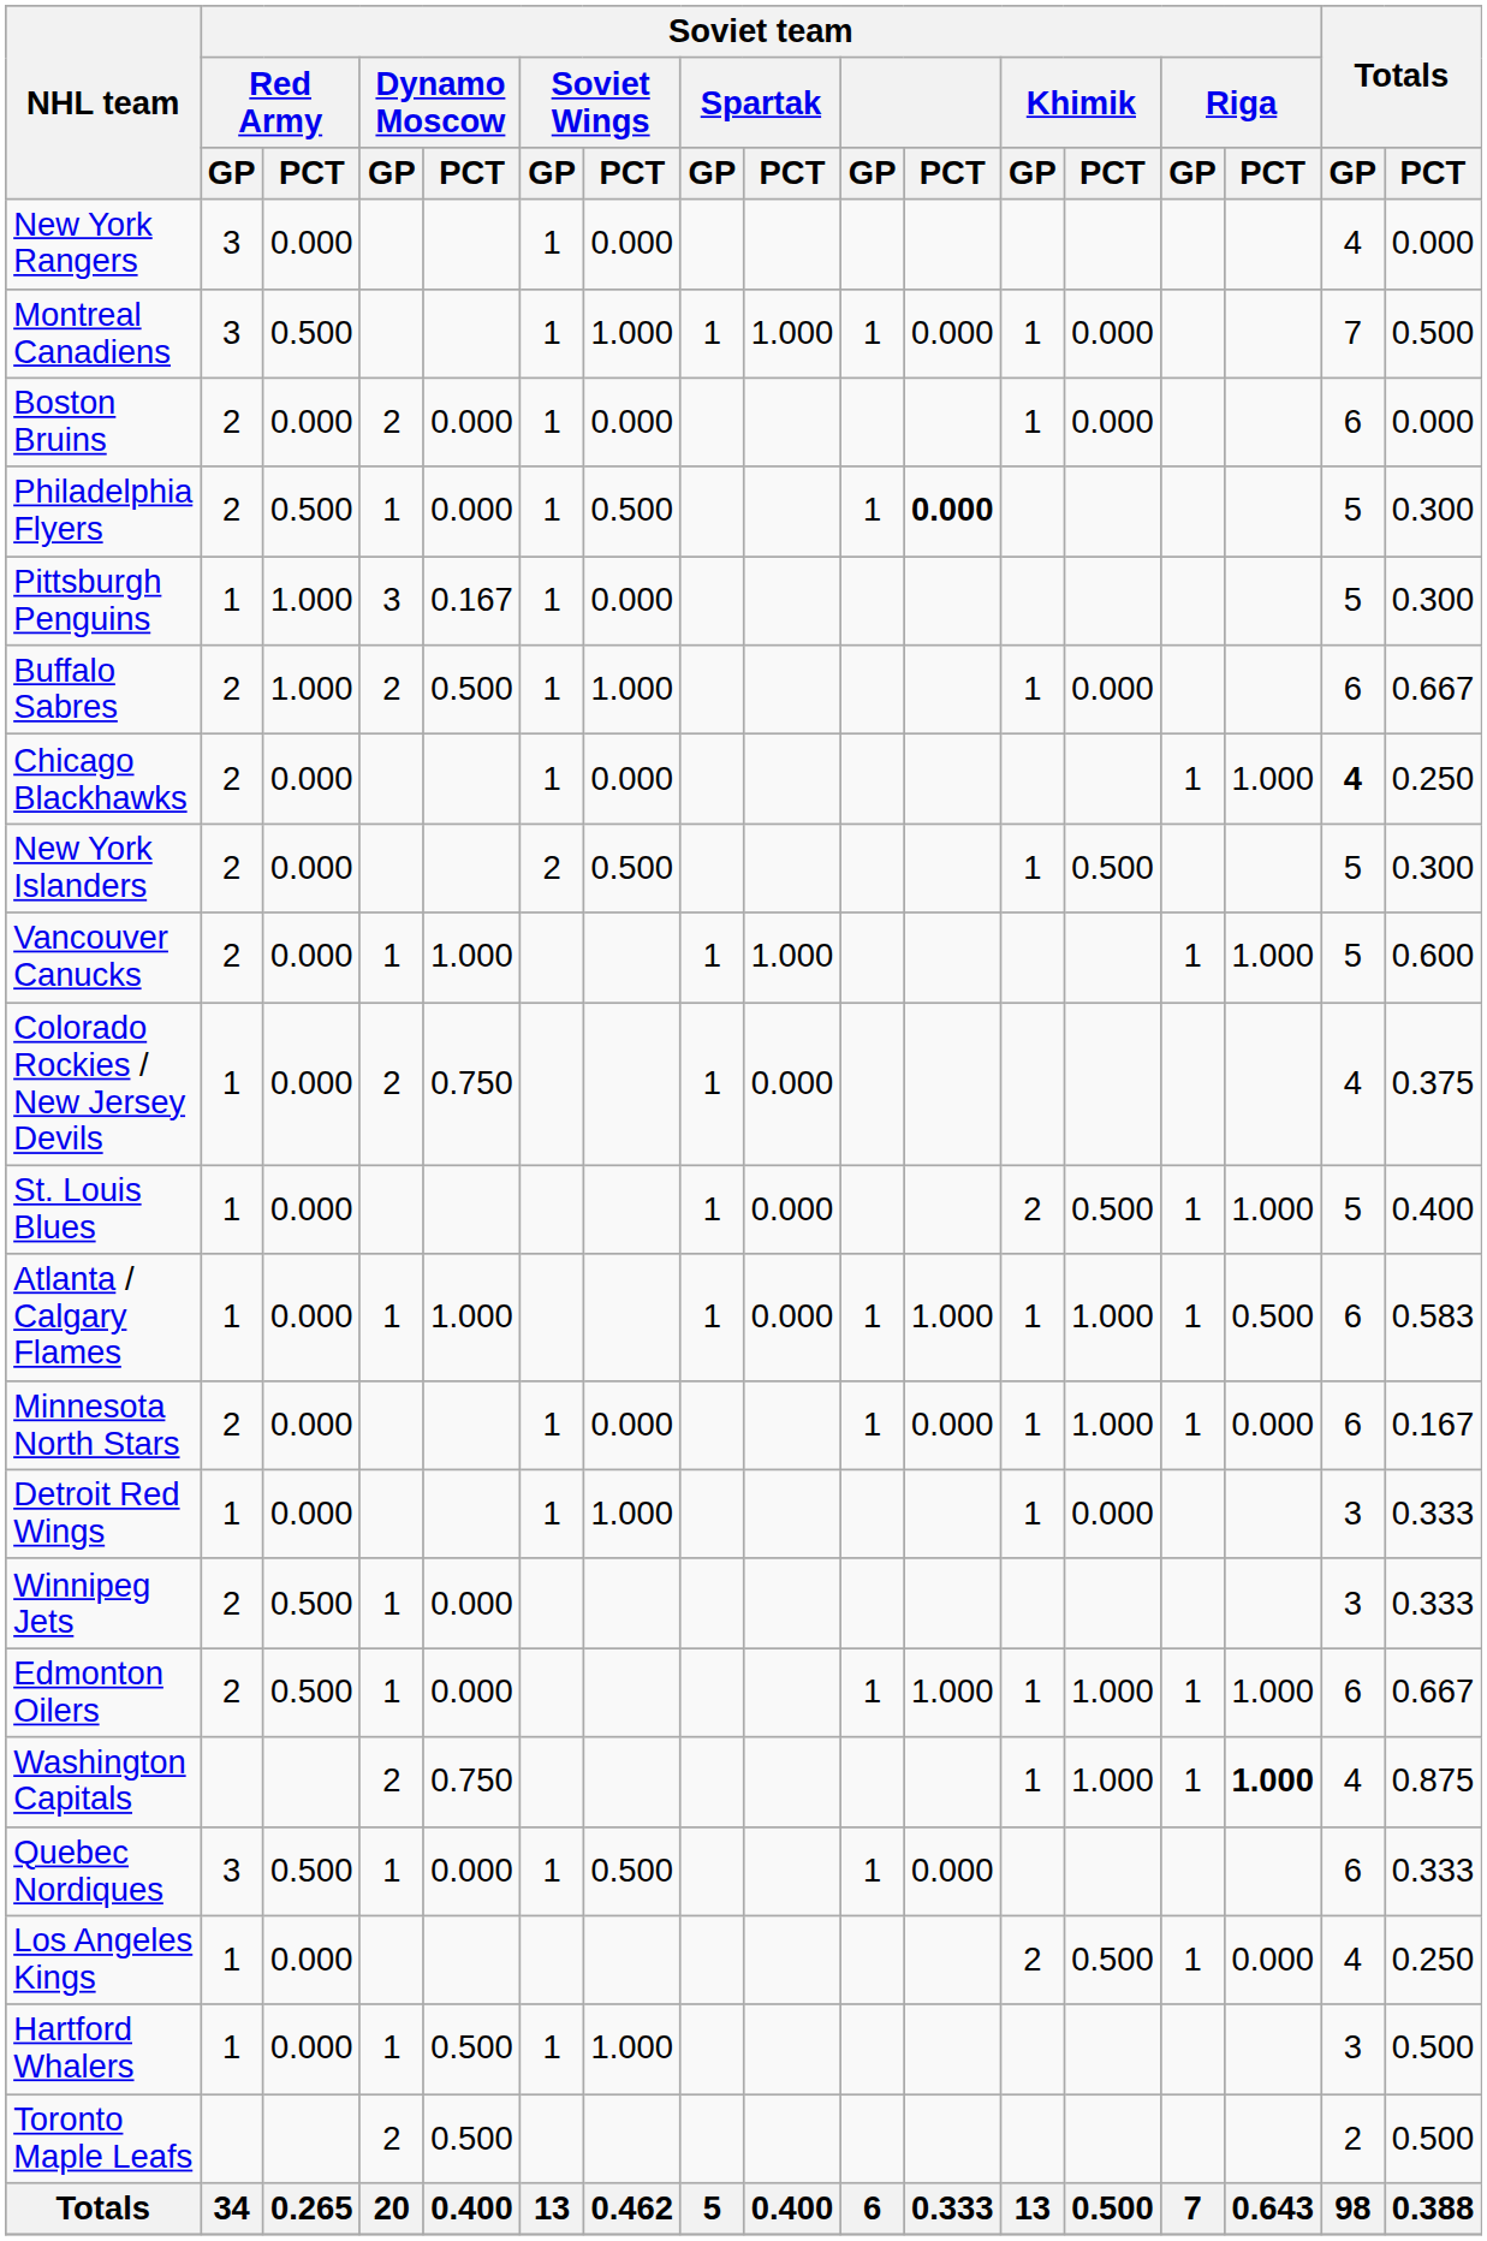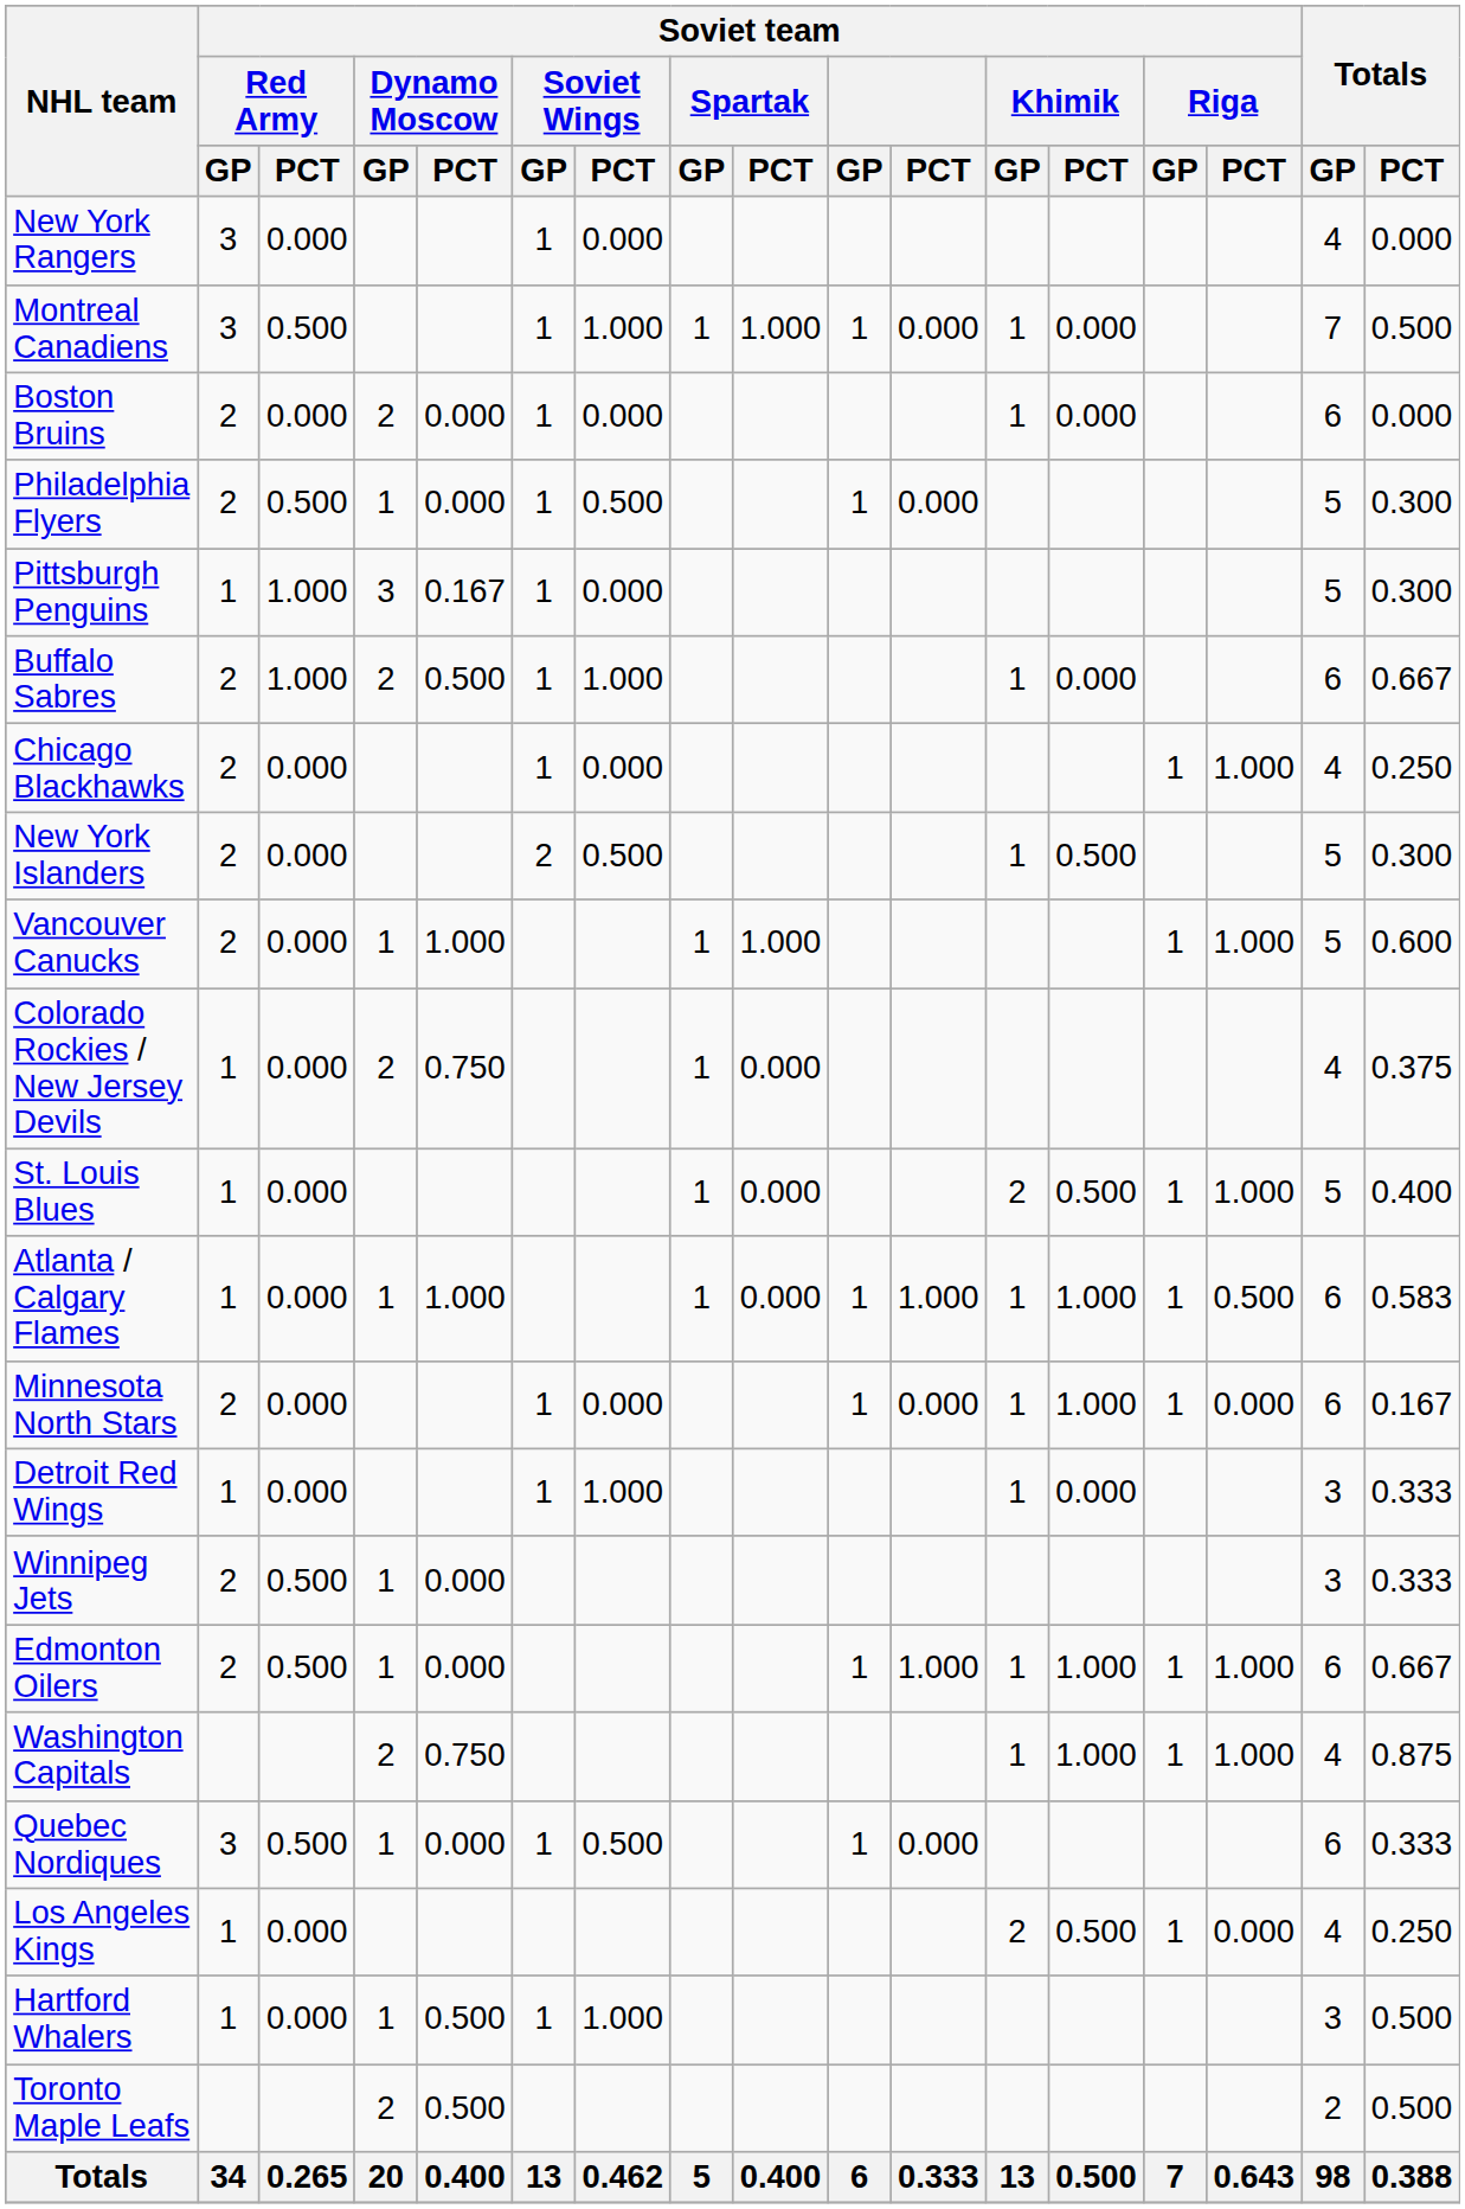 <table class="wikitable">
 <tr>
 <th rowspan=3>NHL team</th>
 <th colspan=14>Soviet team</th>
 <th rowspan=2 colspan=2>Totals</th>
 </tr>
 <tr>
 <th colspan=2><a href='#'>Red Army</a></th>
 <th colspan=2><a href='#'>Dynamo Moscow</a></th>
 <th colspan=2><a href='#'>Soviet Wings</a></th>
 <th colspan=2><a href='#'>Spartak</a></th>
 <th colspan=2></th>
 <th colspan=2><a href='#'>Khimik</a></th>
 <th colspan=2><a href='#'>Riga</a></th>
 </tr>
 <tr>
 <th>GP</th>
 <th>PCT</th>
 <th>GP</th>
 <th>PCT</th>
 <th>GP</th>
 <th>PCT</th>
 <th>GP</th>
 <th>PCT</th>
 <th>GP</th>
 <th>PCT</th>
 <th>GP</th>
 <th>PCT</th>
 <th>GP</th>
 <th>PCT</th>
 <th>GP</th>
 <th>PCT</th>
 </tr>
 <tr style="text-align:center;">
 <td align=left><a href='#'>New York Rangers</a></td>
 <td>3</td>
 <td>0.000</td>
 <td></td>
 <td></td>
 <td>1</td>
 <td>0.000</td>
 <td></td>
 <td></td>
 <td></td>
 <td></td>
 <td></td>
 <td></td>
 <td></td>
 <td></td>
 <td>4</td>
 <td>0.000</td>
 </tr>
 <tr style="text-align:center;">
 <td align=left><a href='#'>Montreal Canadiens</a></td>
 <td>3</td>
 <td>0.500</td>
 <td></td>
 <td></td>
 <td>1</td>
 <td>1.000</td>
 <td>1</td>
 <td>1.000</td>
 <td>1</td>
 <td>0.000</td>
 <td>1</td>
 <td>0.000</td>
 <td></td>
 <td></td>
 <td>7</td>
 <td>0.500</td>
 </tr>
 <tr style="text-align:center;">
 <td align=left><a href='#'>Boston Bruins</a></td>
 <td>2</td>
 <td>0.000</td>
 <td>2</td>
 <td>0.000</td>
 <td>1</td>
 <td>0.000</td>
 <td></td>
 <td></td>
 <td></td>
 <td></td>
 <td>1</td>
 <td>0.000</td>
 <td></td>
 <td></td>
 <td>6</td>
 <td>0.000</td>
 </tr>
 <tr style="text-align:center;">
 <td align=left><a href='#'>Philadelphia Flyers</a></td>
 <td>2</td>
 <td>0.500</td>
 <td>1</td>
 <td>0.000</td>
 <td>1</td>
 <td>0.500</td>
 <td></td>
 <td></td>
 <td>1</td>
-<td><strong>0.000</strong></td>
+<td>0.000</td>
 <td></td>
 <td></td>
 <td></td>
 <td></td>
 <td>5</td>
 <td>0.300</td>
 </tr>
 <tr style="text-align:center;">
 <td align=left><a href='#'>Pittsburgh Penguins</a></td>
 <td>1</td>
 <td>1.000</td>
 <td>3</td>
 <td>0.167</td>
 <td>1</td>
 <td>0.000</td>
 <td></td>
 <td></td>
 <td></td>
 <td></td>
 <td></td>
 <td></td>
 <td></td>
 <td></td>
 <td>5</td>
 <td>0.300</td>
 </tr>
 <tr style="text-align:center;">
 <td align=left><a href='#'>Buffalo Sabres</a></td>
 <td>2</td>
 <td>1.000</td>
 <td>2</td>
 <td>0.500</td>
 <td>1</td>
 <td>1.000</td>
 <td></td>
 <td></td>
 <td></td>
 <td></td>
 <td>1</td>
 <td>0.000</td>
 <td></td>
 <td></td>
 <td>6</td>
 <td>0.667</td>
 </tr>
 <tr style="text-align:center;">
 <td align=left><a href='#'>Chicago Blackhawks</a></td>
 <td>2</td>
 <td>0.000</td>
 <td></td>
 <td></td>
 <td>1</td>
 <td>0.000</td>
 <td></td>
 <td></td>
 <td></td>
 <td></td>
 <td></td>
 <td></td>
 <td>1</td>
 <td>1.000</td>
-<td><strong>4</strong></td>
+<td>4</td>
 <td>0.250</td>
 </tr>
 <tr style="text-align:center;">
 <td align=left><a href='#'>New York Islanders</a></td>
 <td>2</td>
 <td>0.000</td>
 <td></td>
 <td></td>
 <td>2</td>
 <td>0.500</td>
 <td></td>
 <td></td>
 <td></td>
 <td></td>
 <td>1</td>
 <td>0.500</td>
 <td></td>
 <td></td>
 <td>5</td>
 <td>0.300</td>
 </tr>
 <tr style="text-align:center;">
 <td align=left><a href='#'>Vancouver Canucks</a></td>
 <td>2</td>
 <td>0.000</td>
 <td>1</td>
 <td>1.000</td>
 <td></td>
 <td></td>
 <td>1</td>
 <td>1.000</td>
 <td></td>
 <td></td>
 <td></td>
 <td></td>
 <td>1</td>
 <td>1.000</td>
 <td>5</td>
 <td>0.600</td>
 </tr>
 <tr style="text-align:center;">
 <td align=left><a href='#'>Colorado Rockies</a> / <a href='#'>New Jersey Devils</a></td>
 <td>1</td>
 <td>0.000</td>
 <td>2</td>
 <td>0.750</td>
 <td></td>
 <td></td>
 <td>1</td>
 <td>0.000</td>
 <td></td>
 <td></td>
 <td></td>
 <td></td>
 <td></td>
 <td></td>
 <td>4</td>
 <td>0.375</td>
 </tr>
 <tr style="text-align:center;">
 <td align=left><a href='#'>St. Louis Blues</a></td>
 <td>1</td>
 <td>0.000</td>
 <td></td>
 <td></td>
 <td></td>
 <td></td>
 <td>1</td>
 <td>0.000</td>
 <td></td>
 <td></td>
 <td>2</td>
 <td>0.500</td>
 <td>1</td>
 <td>1.000</td>
 <td>5</td>
 <td>0.400</td>
 </tr>
 <tr style="text-align:center;">
 <td align=left><a href='#'>Atlanta</a> / <a href='#'>Calgary Flames</a></td>
 <td>1</td>
 <td>0.000</td>
 <td>1</td>
 <td>1.000</td>
 <td></td>
 <td></td>
 <td>1</td>
 <td>0.000</td>
 <td>1</td>
 <td>1.000</td>
 <td>1</td>
 <td>1.000</td>
 <td>1</td>
 <td>0.500</td>
 <td>6</td>
 <td>0.583</td>
 </tr>
 <tr style="text-align:center;">
 <td align=left><a href='#'>Minnesota North Stars</a></td>
 <td>2</td>
 <td>0.000</td>
 <td></td>
 <td></td>
 <td>1</td>
 <td>0.000</td>
 <td></td>
 <td></td>
 <td>1</td>
 <td>0.000</td>
 <td>1</td>
 <td>1.000</td>
 <td>1</td>
 <td>0.000</td>
 <td>6</td>
 <td>0.167</td>
 </tr>
 <tr style="text-align:center;">
 <td align=left><a href='#'>Detroit Red Wings</a></td>
 <td>1</td>
 <td>0.000</td>
 <td></td>
 <td></td>
 <td>1</td>
 <td>1.000</td>
 <td></td>
 <td></td>
 <td></td>
 <td></td>
 <td>1</td>
 <td>0.000</td>
 <td></td>
 <td></td>
 <td>3</td>
 <td>0.333</td>
 </tr>
 <tr style="text-align:center;">
 <td align=left><a href='#'>Winnipeg Jets</a></td>
 <td>2</td>
 <td>0.500</td>
 <td>1</td>
 <td>0.000</td>
 <td></td>
 <td></td>
 <td></td>
 <td></td>
 <td></td>
 <td></td>
 <td></td>
 <td></td>
 <td></td>
 <td></td>
 <td>3</td>
 <td>0.333</td>
 </tr>
 <tr style="text-align:center;">
 <td align=left><a href='#'>Edmonton Oilers</a></td>
 <td>2</td>
 <td>0.500</td>
 <td>1</td>
 <td>0.000</td>
 <td></td>
 <td></td>
 <td></td>
 <td></td>
 <td>1</td>
 <td>1.000</td>
 <td>1</td>
 <td>1.000</td>
 <td>1</td>
 <td>1.000</td>
 <td>6</td>
 <td>0.667</td>
 </tr>
 <tr style="text-align:center;">
 <td align=left><a href='#'>Washington Capitals</a></td>
 <td></td>
 <td></td>
 <td>2</td>
 <td>0.750</td>
 <td></td>
 <td></td>
 <td></td>
 <td></td>
 <td></td>
 <td></td>
 <td>1</td>
 <td>1.000</td>
 <td>1</td>
-<td><strong>1.000</strong></td>
+<td>1.000</td>
 <td>4</td>
 <td>0.875</td>
 </tr>
 <tr style="text-align:center;">
 <td align=left><a href='#'>Quebec Nordiques</a></td>
 <td>3</td>
 <td>0.500</td>
 <td>1</td>
 <td>0.000</td>
 <td>1</td>
 <td>0.500</td>
 <td></td>
 <td></td>
 <td>1</td>
 <td>0.000</td>
 <td></td>
 <td></td>
 <td></td>
 <td></td>
 <td>6</td>
 <td>0.333</td>
 </tr>
 <tr style="text-align:center;">
 <td align=left><a href='#'>Los Angeles Kings</a></td>
 <td>1</td>
 <td>0.000</td>
 <td></td>
 <td></td>
 <td></td>
 <td></td>
 <td></td>
 <td></td>
 <td></td>
 <td></td>
 <td>2</td>
 <td>0.500</td>
 <td>1</td>
 <td>0.000</td>
 <td>4</td>
 <td>0.250</td>
 </tr>
 <tr style="text-align:center;">
 <td align=left><a href='#'>Hartford Whalers</a></td>
 <td>1</td>
 <td>0.000</td>
 <td>1</td>
 <td>0.500</td>
 <td>1</td>
 <td>1.000</td>
 <td></td>
 <td></td>
 <td></td>
 <td></td>
 <td></td>
 <td></td>
 <td></td>
 <td></td>
 <td>3</td>
 <td>0.500</td>
 </tr>
 <tr style="text-align:center;">
 <td align=left><a href='#'>Toronto Maple Leafs</a></td>
 <td></td>
 <td></td>
 <td>2</td>
 <td>0.500</td>
 <td></td>
 <td></td>
 <td></td>
 <td></td>
 <td></td>
 <td></td>
 <td></td>
 <td></td>
 <td></td>
 <td></td>
 <td>2</td>
 <td>0.500</td>
 </tr>
 <tr>
 <th>Totals</th>
 <th>34</th>
 <th>0.265</th>
 <th>20</th>
 <th>0.400</th>
 <th>13</th>
 <th>0.462</th>
 <th>5</th>
 <th>0.400</th>
 <th>6</th>
 <th>0.333</th>
 <th>13</th>
 <th>0.500</th>
 <th>7</th>
 <th>0.643</th>
 <th>98</th>
 <th>0.388</th>
 </tr>
 <tr>
 </tr>
 </table>
